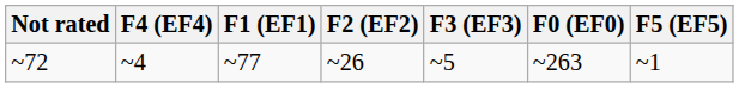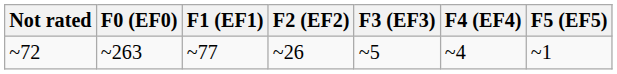 <table class="wikitable mw-collapsible">
 <tr>
 <th>Not rated</th>
-<th style="background-color:#">F4 (EF4)</th>
+<th style="background-color:#">F0 (EF0)</th>
 <th style="background-color:#">F1 (EF1)</th>
 <th style="background-color:#">F2 (EF2)</th>
 <th style="background-color:#">F3 (EF3)</th>
-<th style="background-color:#">F0 (EF0)</th>
+<th style="background-color:#">F4 (EF4)</th>
 <th style="background-color:#">F5 (EF5)</th>
 </tr>
 <tr>
 <td>~72</td>
-<td>~4</td>
+<td>~263</td>
 <td>~77</td>
 <td>~26</td>
 <td>~5</td>
-<td>~263</td>
+<td>~4</td>
 <td>~1</td>
 </tr>
 </table>
